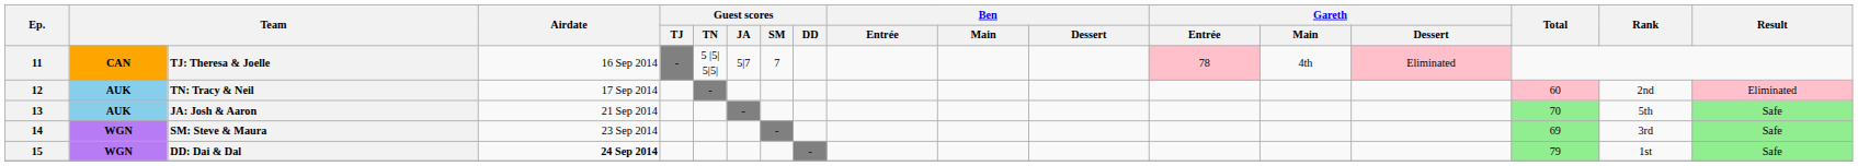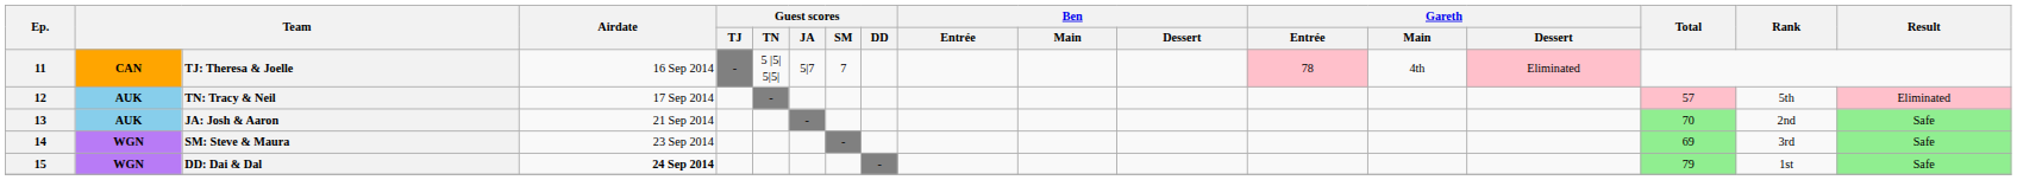 <table class="wikitable" style="text-align: center; font-size: 9pt; line-height:16px; width:100%">
 <tr>
 <th rowspan="2" scope="col">Ep.</th>
 <th colspan="2" rowspan="2">Team</th>
 <th rowspan="2" scope="col">Airdate</th>
 <th colspan="5" scope="col">Guest scores</th>
 <th colspan="3" scope="col"><a href='#'>Ben</a></th>
 <th colspan="3" scope="col"><a href='#'>Gareth</a></th>
 <th rowspan="2" scope="col">Total<br><small></small></th>
 <th rowspan="2">Rank</th>
 <th rowspan="2" scope="col">Result</th>
 </tr>
 <tr>
 <th scope="col" style="width:2.5em;">TJ</th>
 <th scope="col" style="width:2.5em;">TN</th>
 <th scope="col" style="width:2.5em;">JA</th>
 <th scope="col" style="width:2.5em;">SM</th>
 <th scope="col" style="width:2.5em;">DD</th>
 <th scope="col">Entrée</th>
 <th scope="col">Main</th>
 <th scope="col">Dessert</th>
 <th scope="col">Entrée</th>
 <th scope="col">Main</th>
 <th scope="col">Dessert</th>
 </tr>
 <tr>
 <th>11</th>
 <th scope="row" align="left" style="background:orange;">CAN</th>
 <th scope="row" style="text-align:left;">TJ: Theresa & Joelle</th>
 <td style="text-align:right;">16 Sep 2014</td>
 <td bgcolor="808080">-</td>
 <td 5>5 |5| 5|5|</td>
 <td 7>5|7</td>
 <td>7</td>
 <td></td>
 <td></td>
 <td></td>
 <td></td>
 <td bgcolor="pink">78</td>
 <td>4th</td>
 <td bgcolor="pink">Eliminated</td>
 </tr>
 <tr>
 <th>12</th>
 <th scope="row" align="left" style="background-color:skyblue;">AUK</th>
 <th scope="row" style="text-align:left;">TN: Tracy & Neil</th>
 <td style="text-align:right;">17 Sep 2014</td>
 <td></td>
 <td bgcolor="808080">-</td>
 <td></td>
 <td></td>
 <td></td>
 <td></td>
 <td></td>
 <td></td>
 <td></td>
 <td></td>
 <td></td>
-<td bgcolor="pink">60</td>
-<td>2nd</td>
+<td bgcolor="pink">57</td>
+<td>5th</td>
 <td bgcolor="pink">Eliminated</td>
 </tr>
 <tr>
 <th>13</th>
 <th scope="row" align="left" style="background-color:skyblue;">AUK</th>
 <th scope="row" style="text-align:left;">JA: Josh & Aaron</th>
 <td style="text-align:right;">21 Sep 2014</td>
 <td></td>
 <td></td>
 <td bgcolor="808080">-</td>
 <td></td>
 <td></td>
 <td></td>
 <td></td>
 <td></td>
 <td></td>
 <td></td>
 <td></td>
 <td bgcolor="lightgreen">70</td>
-<td>5th</td>
+<td>2nd</td>
 <td bgcolor="lightgreen">Safe</td>
 </tr>
 <tr>
 <th>14</th>
 <th scope="row" align="center" style='background:#B87BF6;'>WGN</th>
 <th scope="row" style="text-align:left;">SM: Steve & Maura</th>
 <td style="text-align:right;">23 Sep 2014</td>
 <td></td>
 <td></td>
 <td></td>
 <td bgcolor="808080">-</td>
 <td></td>
 <td></td>
 <td></td>
 <td></td>
 <td></td>
 <td></td>
 <td></td>
 <td bgcolor="lightgreen">69</td>
 <td>3rd</td>
 <td bgcolor="lightgreen">Safe</td>
 </tr>
 <tr>
 <th>15</th>
 <th scope="row" align="center" style='background:#B87BF6;'>WGN</th>
 <th scope="row" style="text-align:left;">DD: Dai & Dal</th>
 <td style="text-align:right;"><strong>24 Sep 2014</strong></td>
 <td></td>
 <td></td>
 <td></td>
 <td></td>
 <td bgcolor="808080">-</td>
 <td></td>
 <td></td>
 <td></td>
 <td></td>
 <td></td>
 <td></td>
 <td bgcolor="lightgreen">79</td>
 <td>1st</td>
 <td bgcolor="lightgreen">Safe</td>
 </tr>
 <tr>
 </tr>
 </table>
